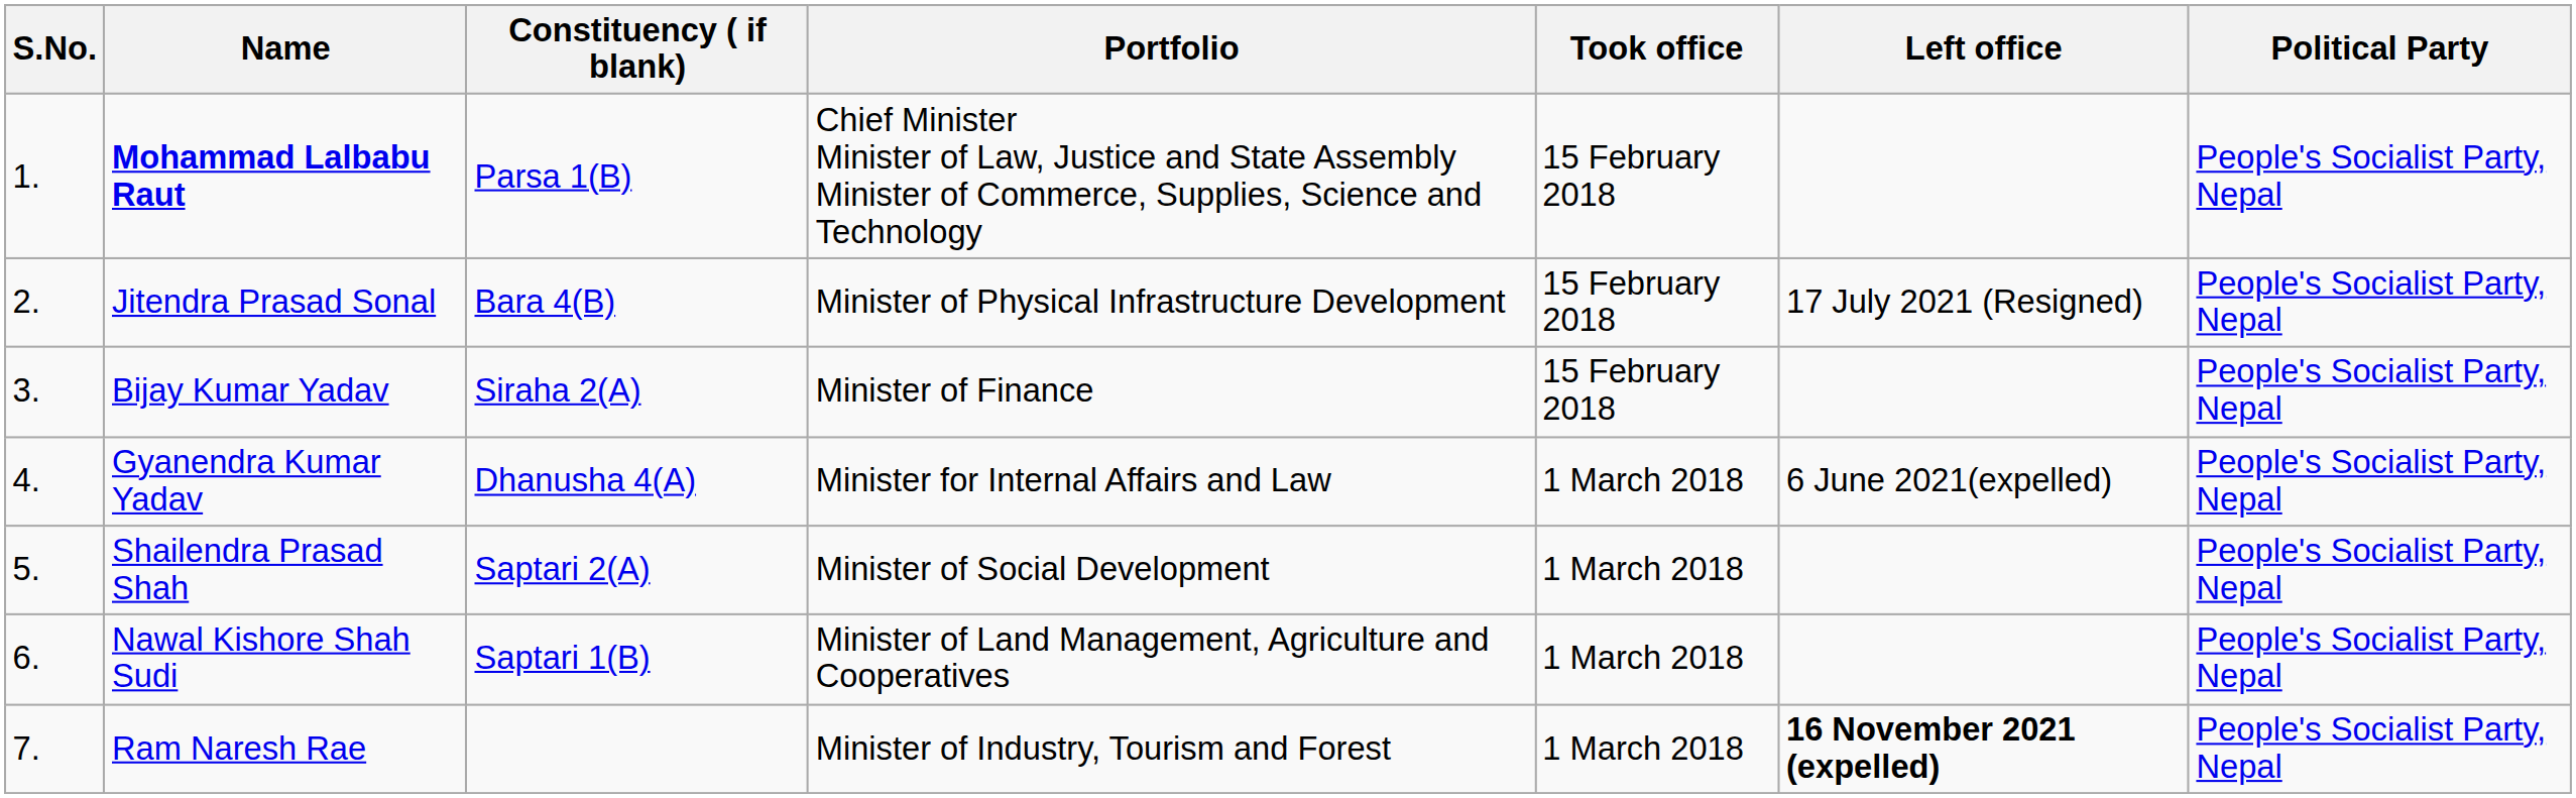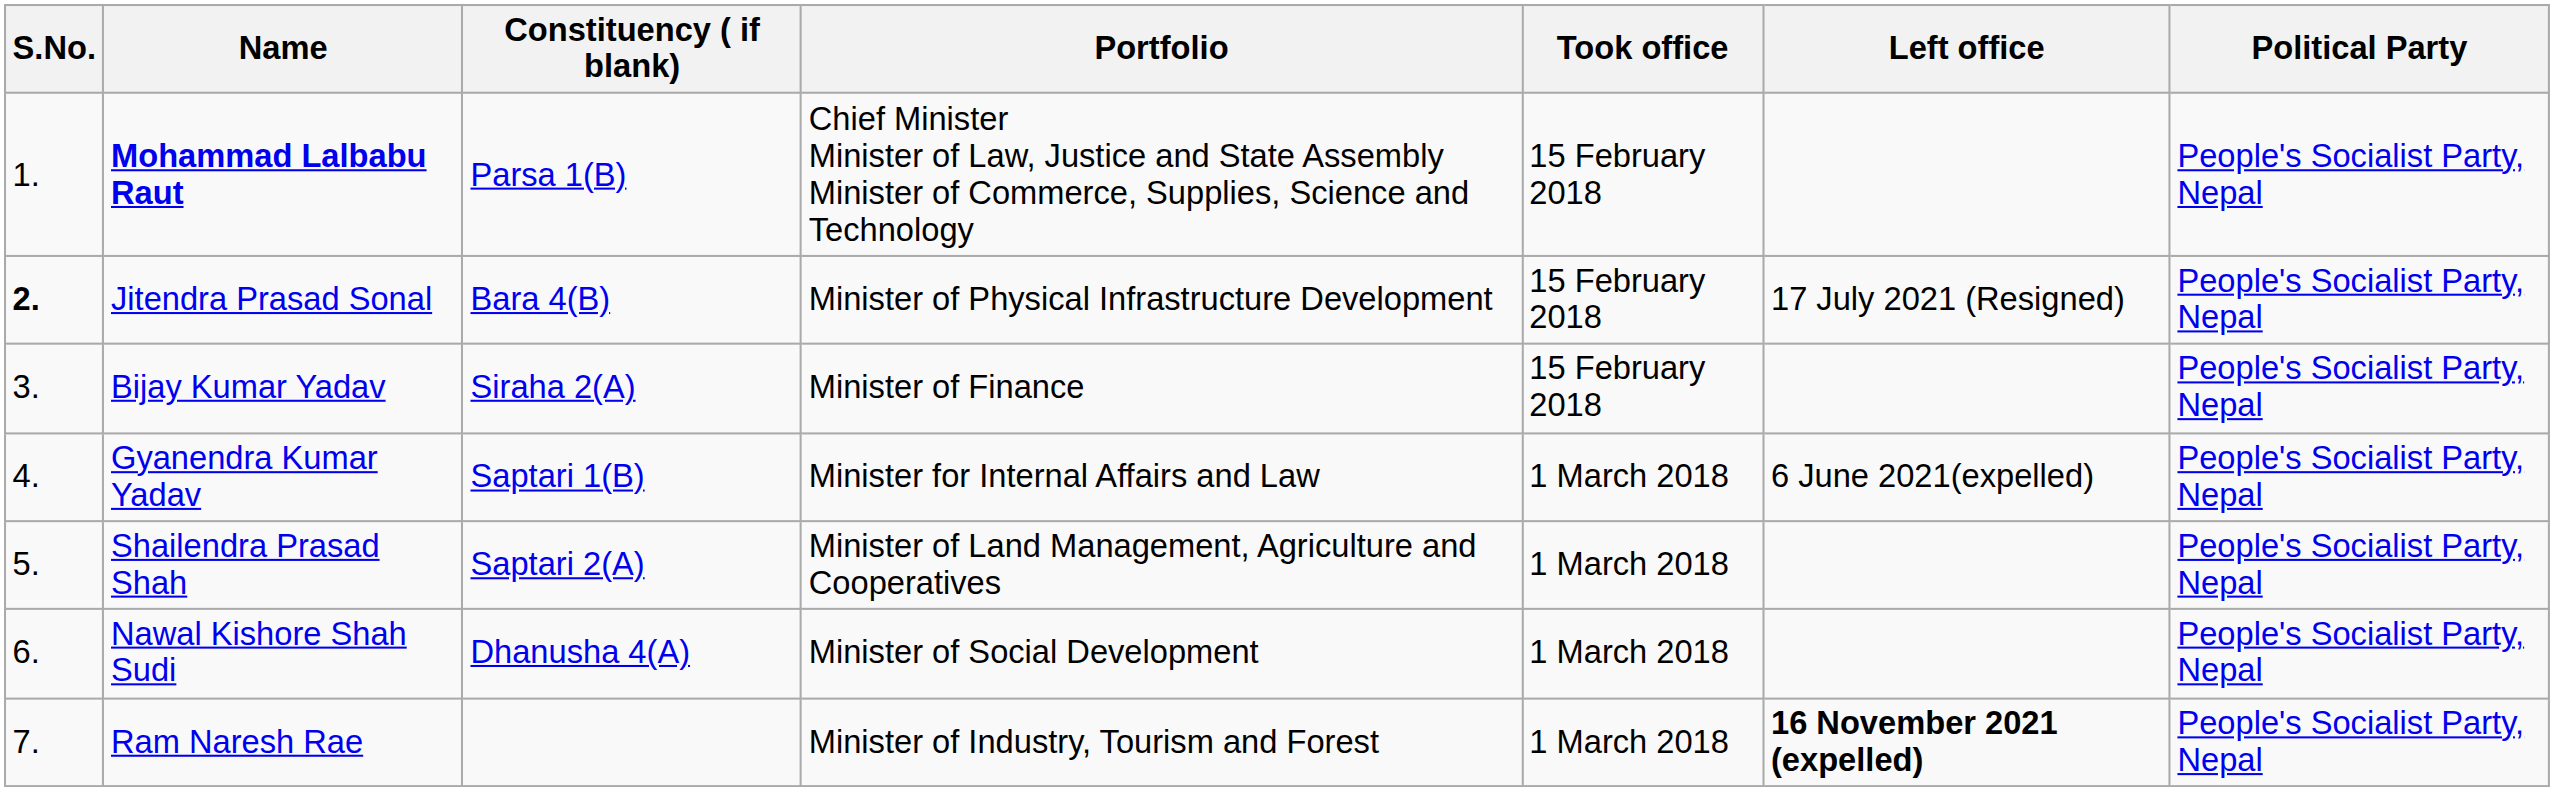 <table class="wikitable">
 <tr>
 <th>S.No.</th>
 <th>Name</th>
 <th>Constituency ( if blank)</th>
 <th>Portfolio</th>
 <th>Took office</th>
 <th>Left office</th>
 <th><strong>Political Party</strong></th>
 </tr>
 <tr>
 <td>1.</td>
 <td><strong><a href='#'>Mohammad Lalbabu Raut</a></strong></td>
 <td><a href='#'>Parsa 1(B)</a></td>
 <td>Chief Minister<br>Minister of Law, Justice and State Assembly<br>Minister of Commerce, Supplies, Science and Technology</td>
 <td>15 February 2018</td>
 <td></td>
 <td><a href='#'>People's Socialist Party, Nepal</a></td>
 </tr>
 <tr>
-<td>2.</td>
+<td><strong>2.</strong></td>
 <td><a href='#'>Jitendra Prasad Sonal</a></td>
 <td><a href='#'>Bara 4(B)</a></td>
 <td>Minister of Physical Infrastructure Development</td>
 <td>15 February 2018</td>
 <td>17 July 2021 (Resigned)</td>
 <td><a href='#'>People's Socialist Party, Nepal</a></td>
 </tr>
 <tr>
 <td>3.</td>
 <td><a href='#'>Bijay Kumar Yadav</a></td>
 <td><a href='#'>Siraha 2(A)</a></td>
 <td>Minister of Finance</td>
 <td>15 February 2018</td>
 <td></td>
 <td><a href='#'>People's Socialist Party, Nepal</a></td>
 </tr>
 <tr>
 <td>4.</td>
 <td><a href='#'>Gyanendra Kumar Yadav</a></td>
-<td><a href='#'>Dhanusha 4(A)</a></td>
+<td><a href='#'>Saptari 1(B)</a></td>
 <td>Minister for Internal Affairs and Law</td>
 <td>1 March 2018</td>
 <td>6 June 2021(expelled)</td>
 <td><a href='#'>People's Socialist Party, Nepal</a></td>
 </tr>
 <tr>
 <td>5.</td>
 <td><a href='#'>Shailendra Prasad Shah</a></td>
 <td><a href='#'>Saptari 2(A)</a></td>
-<td>Minister of Social Development</td>
+<td>Minister of Land Management, Agriculture and Cooperatives</td>
 <td>1 March 2018</td>
 <td></td>
 <td><a href='#'>People's Socialist Party, Nepal</a></td>
 </tr>
 <tr>
 <td>6.</td>
 <td><a href='#'>Nawal Kishore Shah Sudi</a></td>
-<td><a href='#'>Saptari 1(B)</a></td>
-<td>Minister of Land Management, Agriculture and Cooperatives</td>
+<td><a href='#'>Dhanusha 4(A)</a></td>
+<td>Minister of Social Development</td>
 <td>1 March 2018</td>
 <td></td>
 <td><a href='#'>People's Socialist Party, Nepal</a></td>
 </tr>
 <tr>
 <td>7.</td>
 <td><a href='#'>Ram Naresh Rae</a></td>
 <td></td>
 <td>Minister of Industry, Tourism and Forest</td>
 <td>1 March 2018</td>
 <td><strong>16 November 2021 (expelled)</strong></td>
 <td><a href='#'>People's Socialist Party, Nepal</a></td>
 </tr>
 <tr>
 </tr>
 </table>
